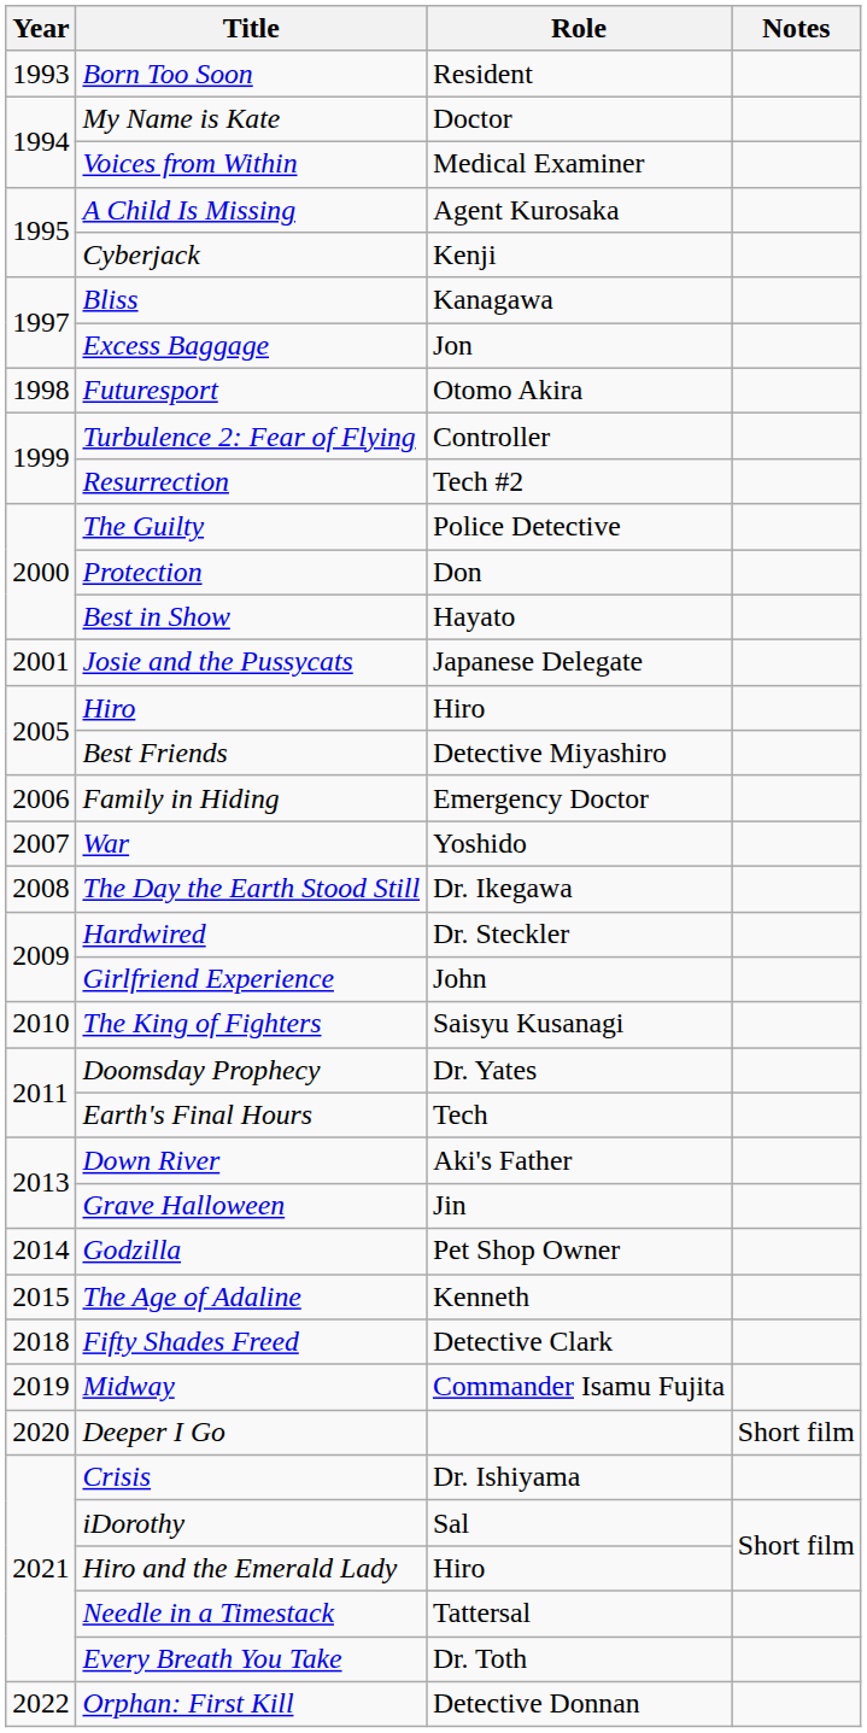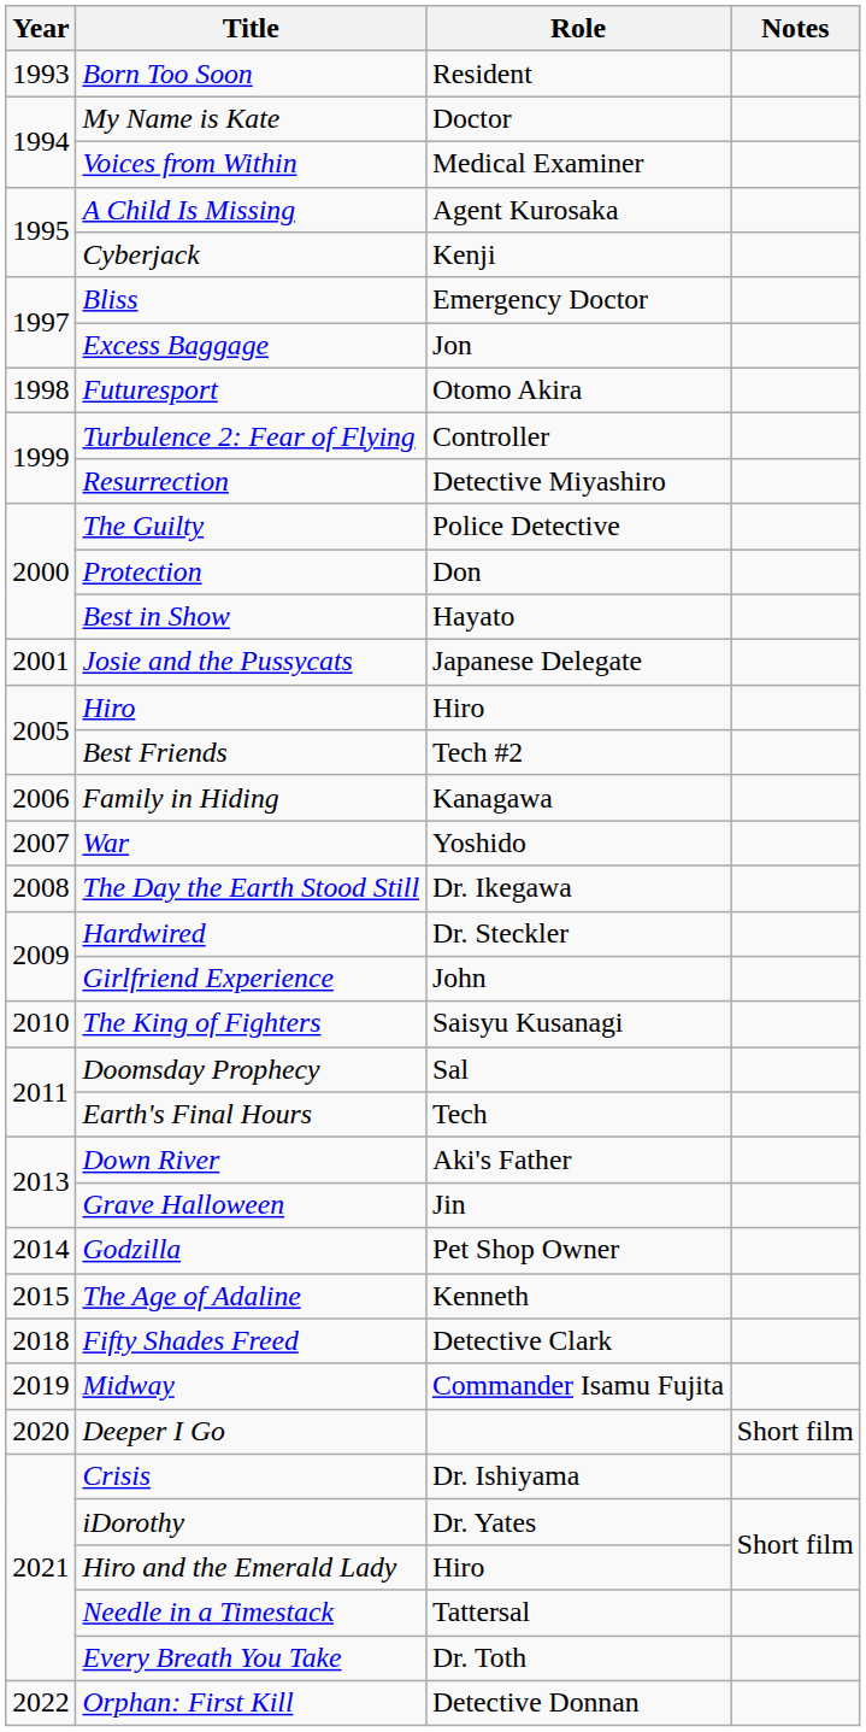 <table class="wikitable sortable">
 <tr>
 <th>Year</th>
 <th>Title</th>
 <th>Role</th>
 <th class="unsortable">Notes</th>
 </tr>
 <tr>
 <td>1993</td>
 <td><em><a href='#'>Born Too Soon</a></em></td>
 <td>Resident</td>
 <td></td>
 </tr>
 <tr>
 <td rowspan="2">1994</td>
 <td><em>My Name is Kate</em></td>
 <td>Doctor</td>
 <td></td>
 </tr>
 <tr>
 <td><em><a href='#'>Voices from Within</a></em></td>
 <td>Medical Examiner</td>
 <td></td>
 </tr>
 <tr>
 <td rowspan="2">1995</td>
 <td data-sort-value="Child Is Missing, A"><em><a href='#'>A Child Is Missing</a></em></td>
 <td>Agent Kurosaka</td>
 <td></td>
 </tr>
 <tr>
 <td><em>Cyberjack</em></td>
 <td>Kenji</td>
 <td></td>
 </tr>
 <tr>
 <td rowspan="2">1997</td>
 <td><em><a href='#'>Bliss</a></em></td>
-<td>Kanagawa</td>
+<td>Emergency Doctor</td>
 <td></td>
 </tr>
 <tr>
 <td><em><a href='#'>Excess Baggage</a></em></td>
 <td>Jon</td>
 <td></td>
 </tr>
 <tr>
 <td>1998</td>
 <td><em><a href='#'>Futuresport</a></em></td>
 <td>Otomo Akira</td>
 <td></td>
 </tr>
 <tr>
 <td rowspan="2">1999</td>
 <td><em><a href='#'>Turbulence 2: Fear of Flying</a></em></td>
 <td>Controller</td>
 <td></td>
 </tr>
 <tr>
 <td><em><a href='#'>Resurrection</a></em></td>
-<td>Tech #2</td>
+<td>Detective Miyashiro</td>
 <td></td>
 </tr>
 <tr>
 <td rowspan="3">2000</td>
 <td data-sort-value="Guilty, The"><em><a href='#'>The Guilty</a></em></td>
 <td>Police Detective</td>
 <td></td>
 </tr>
 <tr>
 <td><em><a href='#'>Protection</a></em></td>
 <td>Don</td>
 <td></td>
 </tr>
 <tr>
 <td><em><a href='#'>Best in Show</a></em></td>
 <td>Hayato</td>
 <td></td>
 </tr>
 <tr>
 <td>2001</td>
 <td><em><a href='#'>Josie and the Pussycats</a></em></td>
 <td>Japanese Delegate</td>
 <td></td>
 </tr>
 <tr>
 <td rowspan="2">2005</td>
 <td><em><a href='#'>Hiro</a></em></td>
 <td>Hiro</td>
 <td></td>
 </tr>
 <tr>
 <td><em>Best Friends</em></td>
-<td>Detective Miyashiro</td>
+<td>Tech #2</td>
 <td></td>
 </tr>
 <tr>
 <td>2006</td>
 <td><em>Family in Hiding</em></td>
-<td>Emergency Doctor</td>
+<td>Kanagawa</td>
 <td></td>
 </tr>
 <tr>
 <td>2007</td>
 <td><em><a href='#'>War</a></em></td>
 <td>Yoshido</td>
 <td></td>
 </tr>
 <tr>
 <td>2008</td>
 <td data-sort-value="Day the Earth Stood Still, The"><em><a href='#'>The Day the Earth Stood Still</a></em></td>
 <td>Dr. Ikegawa</td>
 <td></td>
 </tr>
 <tr>
 <td rowspan="2">2009</td>
 <td><em><a href='#'>Hardwired</a></em></td>
 <td>Dr. Steckler</td>
 <td></td>
 </tr>
 <tr>
 <td><em><a href='#'>Girlfriend Experience</a></em></td>
 <td>John</td>
 <td></td>
 </tr>
 <tr>
 <td>2010</td>
 <td data-sort-value="King of Fighters, The"><em><a href='#'>The King of Fighters</a></em></td>
 <td>Saisyu Kusanagi</td>
 <td></td>
 </tr>
 <tr>
 <td rowspan="2">2011</td>
 <td><em>Doomsday Prophecy</em></td>
-<td>Dr. Yates</td>
+<td>Sal</td>
 <td></td>
 </tr>
 <tr>
 <td><em>Earth's Final Hours</em></td>
 <td>Tech</td>
 <td></td>
 </tr>
 <tr>
 <td rowspan="2">2013</td>
 <td><em><a href='#'>Down River</a></em></td>
 <td>Aki's Father</td>
 <td></td>
 </tr>
 <tr>
 <td><em><a href='#'>Grave Halloween</a></em></td>
 <td>Jin</td>
 <td></td>
 </tr>
 <tr>
 <td>2014</td>
 <td><em><a href='#'>Godzilla</a></em></td>
 <td>Pet Shop Owner</td>
 <td></td>
 </tr>
 <tr>
 <td>2015</td>
 <td data-sort-value="Age of Adaline, The"><em><a href='#'>The Age of Adaline</a></em></td>
 <td>Kenneth</td>
 <td></td>
 </tr>
 <tr>
 <td>2018</td>
 <td><em><a href='#'>Fifty Shades Freed</a></em></td>
 <td>Detective Clark</td>
 <td></td>
 </tr>
 <tr>
 <td>2019</td>
 <td><em><a href='#'>Midway</a></em></td>
 <td><a href='#'>Commander</a> Isamu Fujita</td>
 <td></td>
 </tr>
 <tr>
 <td>2020</td>
 <td><em>Deeper I Go</em></td>
 <td></td>
 <td>Short film</td>
 </tr>
 <tr>
 <td rowspan="5">2021</td>
 <td><em><a href='#'>Crisis</a></em></td>
 <td>Dr. Ishiyama</td>
 <td></td>
 </tr>
 <tr>
 <td><em>iDorothy</em></td>
-<td>Sal</td>
+<td>Dr. Yates</td>
 <td rowspan="2">Short film</td>
 </tr>
 <tr>
 <td><em>Hiro and the Emerald Lady</em></td>
 <td>Hiro</td>
 </tr>
 <tr>
 <td><em><a href='#'>Needle in a Timestack</a></em></td>
 <td>Tattersal</td>
 <td></td>
 </tr>
 <tr>
 <td><em><a href='#'>Every Breath You Take</a></em></td>
 <td>Dr. Toth</td>
 <td></td>
 </tr>
 <tr>
 <td>2022</td>
 <td><em><a href='#'>Orphan: First Kill</a></em></td>
 <td>Detective Donnan</td>
 <td></td>
 </tr>
 </table>
